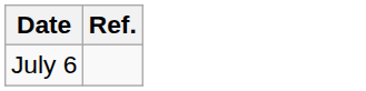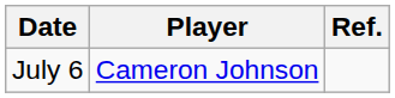 <table class="wikitable sortable sortable" style="text-align: center">
 <tr>
 <th>Date</th>
+<th>Player</th>
 <th>Ref.</th>
 </tr>
 <tr>
 <td>July 6</td>
+<td><a href='#'>Cameron Johnson</a></td>
 <td></td>
 </tr>
 </table>
